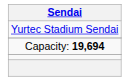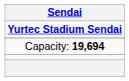 <table class="wikitable" style="margin:1em auto; text-align:center;">
 <tr>
 <th><a href='#'>Sendai</a></th>
 </tr>
 <tr>
-<td><a href='#'>Yurtec Stadium Sendai</a></td>
+<td><strong><a href='#'>Yurtec Stadium Sendai</a></strong></td>
 </tr>
 <tr>
 </tr>
 <tr>
 <td>Capacity: <strong>19,694</strong></td>
 </tr>
 <tr>
 </tr>
 <tr>
 <td></td>
 </tr>
 <tr>
 <th colspan=2><div><br></div></th>
 </tr>
 </table>
